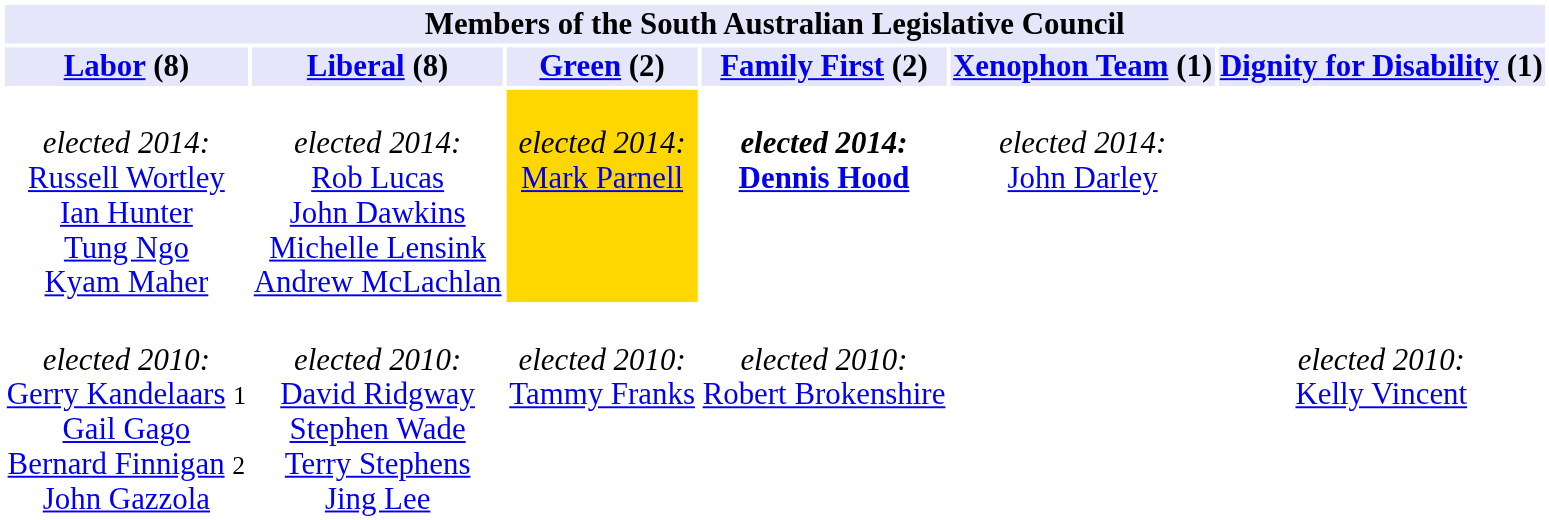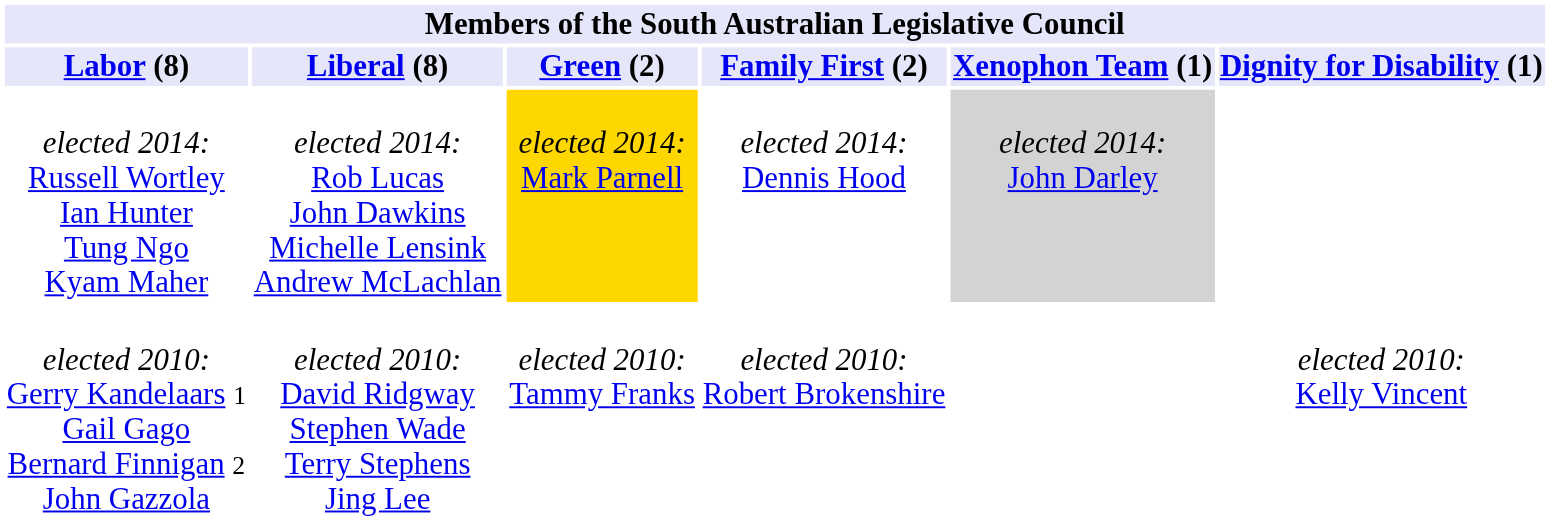 <table class="toccolours" style="table-layout:fixed;">
 <tr>
 <th colspan="6" style="background:lavender">Members of the South Australian Legislative Council</th>
 </tr>
 <tr style="background:lavender">
 <th><a href='#'>Labor</a> (8)</th>
 <th><a href='#'>Liberal</a> (8)</th>
 <th><a href='#'>Green</a> (2)</th>
 <th><a href='#'>Family First</a> (2)</th>
 <th><a href='#'>Xenophon Team</a> (1)</th>
 <th><a href='#'>Dignity for Disability</a> (1)</th>
 </tr>
 <tr style="vertical-align:top; text-align:center;">
 <td><br><em>elected 2014:</em><br> <a href='#'>Russell Wortley</a><br> <a href='#'>Ian Hunter</a><br> <a href='#'>Tung Ngo</a><br> <a href='#'>Kyam Maher</a><br></td>
 <td><br><em>elected 2014:</em><br> <a href='#'>Rob Lucas</a><br> <a href='#'>John Dawkins</a><br> <a href='#'>Michelle Lensink</a><br> <a href='#'>Andrew McLachlan</a><br></td>
 <td style="background: gold;"><br><em>elected 2014:</em><br> <a href='#'>Mark Parnell</a><br></td>
-<td><strong><br><em>elected 2014:</em><br> <a href='#'>Dennis Hood</a><br></strong></td>
-<td><br><em>elected 2014:</em><br> <a href='#'>John Darley</a><br></td>
+<td><br><em>elected 2014:</em><br> <a href='#'>Dennis Hood</a><br></td>
+<td style="background: lightgrey;"><br><em>elected 2014:</em><br> <a href='#'>John Darley</a><br></td>
 </tr>
 <tr style="vertical-align:top; text-align:center;">
 <td><br><em>elected 2010:</em><br> <a href='#'>Gerry Kandelaars</a> <small>1</small><br> <a href='#'>Gail Gago</a><br> <a href='#'>Bernard Finnigan</a> <small>2</small><br> <a href='#'>John Gazzola</a><br></td>
 <td><br><em>elected 2010:</em><br> <a href='#'>David Ridgway</a><br> <a href='#'>Stephen Wade</a><br> <a href='#'>Terry Stephens</a><br> <a href='#'>Jing Lee</a><br></td>
 <td><br><em>elected 2010:</em><br> <a href='#'>Tammy Franks</a><br></td>
 <td><br><em>elected 2010:</em><br> <a href='#'>Robert Brokenshire</a><br></td>
 <td></td>
 <td><br><em>elected 2010:</em><br> <a href='#'>Kelly Vincent</a><br></td>
 </tr>
 <tr style="vertical-align:top; text-align:center;">
 </tr>
 </table>
